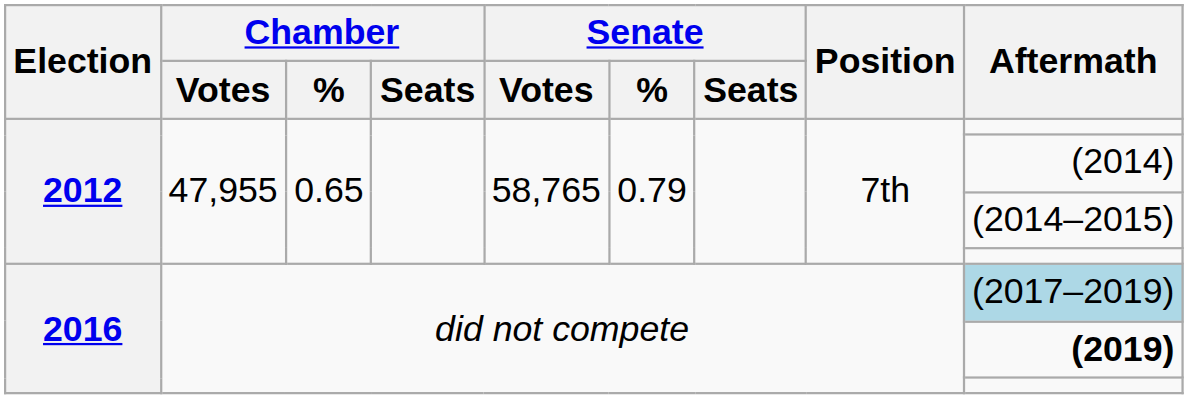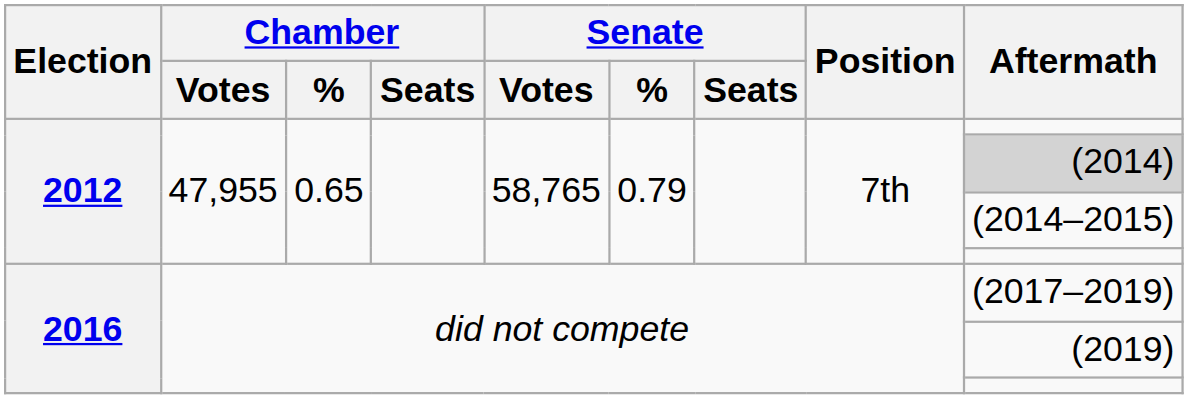 <table class="wikitable" style="text-align: right;">
 <tr>
 <th rowspan="2">Election</th>
 <th colspan="3"><a href='#'>Chamber</a></th>
 <th colspan="3"><a href='#'>Senate</a></th>
 <th rowspan="2">Position</th>
 <th rowspan="2">Aftermath</th>
 </tr>
 <tr>
 <th>Votes</th>
 <th>%</th>
 <th>Seats</th>
 <th>Votes</th>
 <th>%</th>
 <th>Seats</th>
 </tr>
 <tr>
 <th rowspan=4><a href='#'>2012</a></th>
 <td rowspan=4>47,955</td>
 <td rowspan=4>0.65</td>
 <td rowspan=4></td>
 <td rowspan=4>58,765</td>
 <td rowspan=4>0.79</td>
 <td rowspan=4></td>
 <td rowspan=4; style="text-align: center;">7th</td>
 <td></td>
 </tr>
 <tr>
-<td> (2014)</td>
+<td style="background: lightgrey;"> (2014)</td>
 </tr>
 <tr>
 <td> (2014–2015)</td>
 </tr>
 <tr>
 <td></td>
 </tr>
 <tr>
 <th rowspan=3><a href='#'>2016</a></th>
 <td rowspan=3; colspan=7; style="text-align: center;"><em>did not compete</em></td>
-<td style="background: lightblue;"> (2017–2019)</td>
+<td> (2017–2019)</td>
 </tr>
 <tr>
-<td><strong> (2019)</strong></td>
+<td> (2019)</td>
 </tr>
 <tr>
 <td></td>
 </tr>
 </table>
